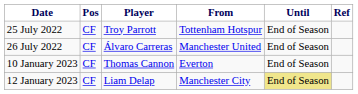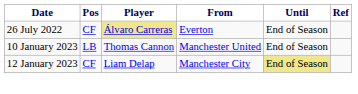 <table class="wikitable plainrowheaders sortable">
 <tr>
 <th style="background:#FFFFFF; color:#00005a; ">Date</th>
 <th style="background:#FFFFFF; color:#00005a; ">Pos</th>
 <th style="background:#FFFFFF; color:#00005a; ">Player</th>
 <th style="background:#FFFFFF; color:#00005a; ">From</th>
 <th style="background:#FFFFFF; color:#00005a; ">Until</th>
 <th style="background:#FFFFFF; color:#00005a; ">Ref</th>
 </tr>
 <tr>
-<td>25 July 2022</td>
-<td><a href='#'>CF</a></td>
-<td> <a href='#'>Troy Parrott</a></td>
-<td> <a href='#'>Tottenham Hotspur</a></td>
-<td>End of Season</td>
-<td></td>
-</tr>
-<tr>
 <td>26 July 2022</td>
 <td><a href='#'>CF</a></td>
-<td> <a href='#'>Álvaro Carreras</a></td>
-<td> <a href='#'>Manchester United</a></td>
+<td style="background: khaki;"> <a href='#'>Álvaro Carreras</a></td>
+<td> <a href='#'>Everton</a></td>
 <td>End of Season</td>
 <td></td>
 </tr>
 <tr>
 <td>10 January 2023</td>
-<td><a href='#'>CF</a></td>
+<td><a href='#'>LB</a></td>
 <td> <a href='#'>Thomas Cannon</a></td>
-<td> <a href='#'>Everton</a></td>
+<td> <a href='#'>Manchester United</a></td>
 <td>End of Season</td>
 <td></td>
 </tr>
 <tr>
 <td>12 January 2023</td>
 <td><a href='#'>CF</a></td>
 <td> <a href='#'>Liam Delap</a></td>
 <td> <a href='#'>Manchester City</a></td>
 <td style="background: khaki;">End of Season</td>
 <td></td>
 </tr>
 </table>
